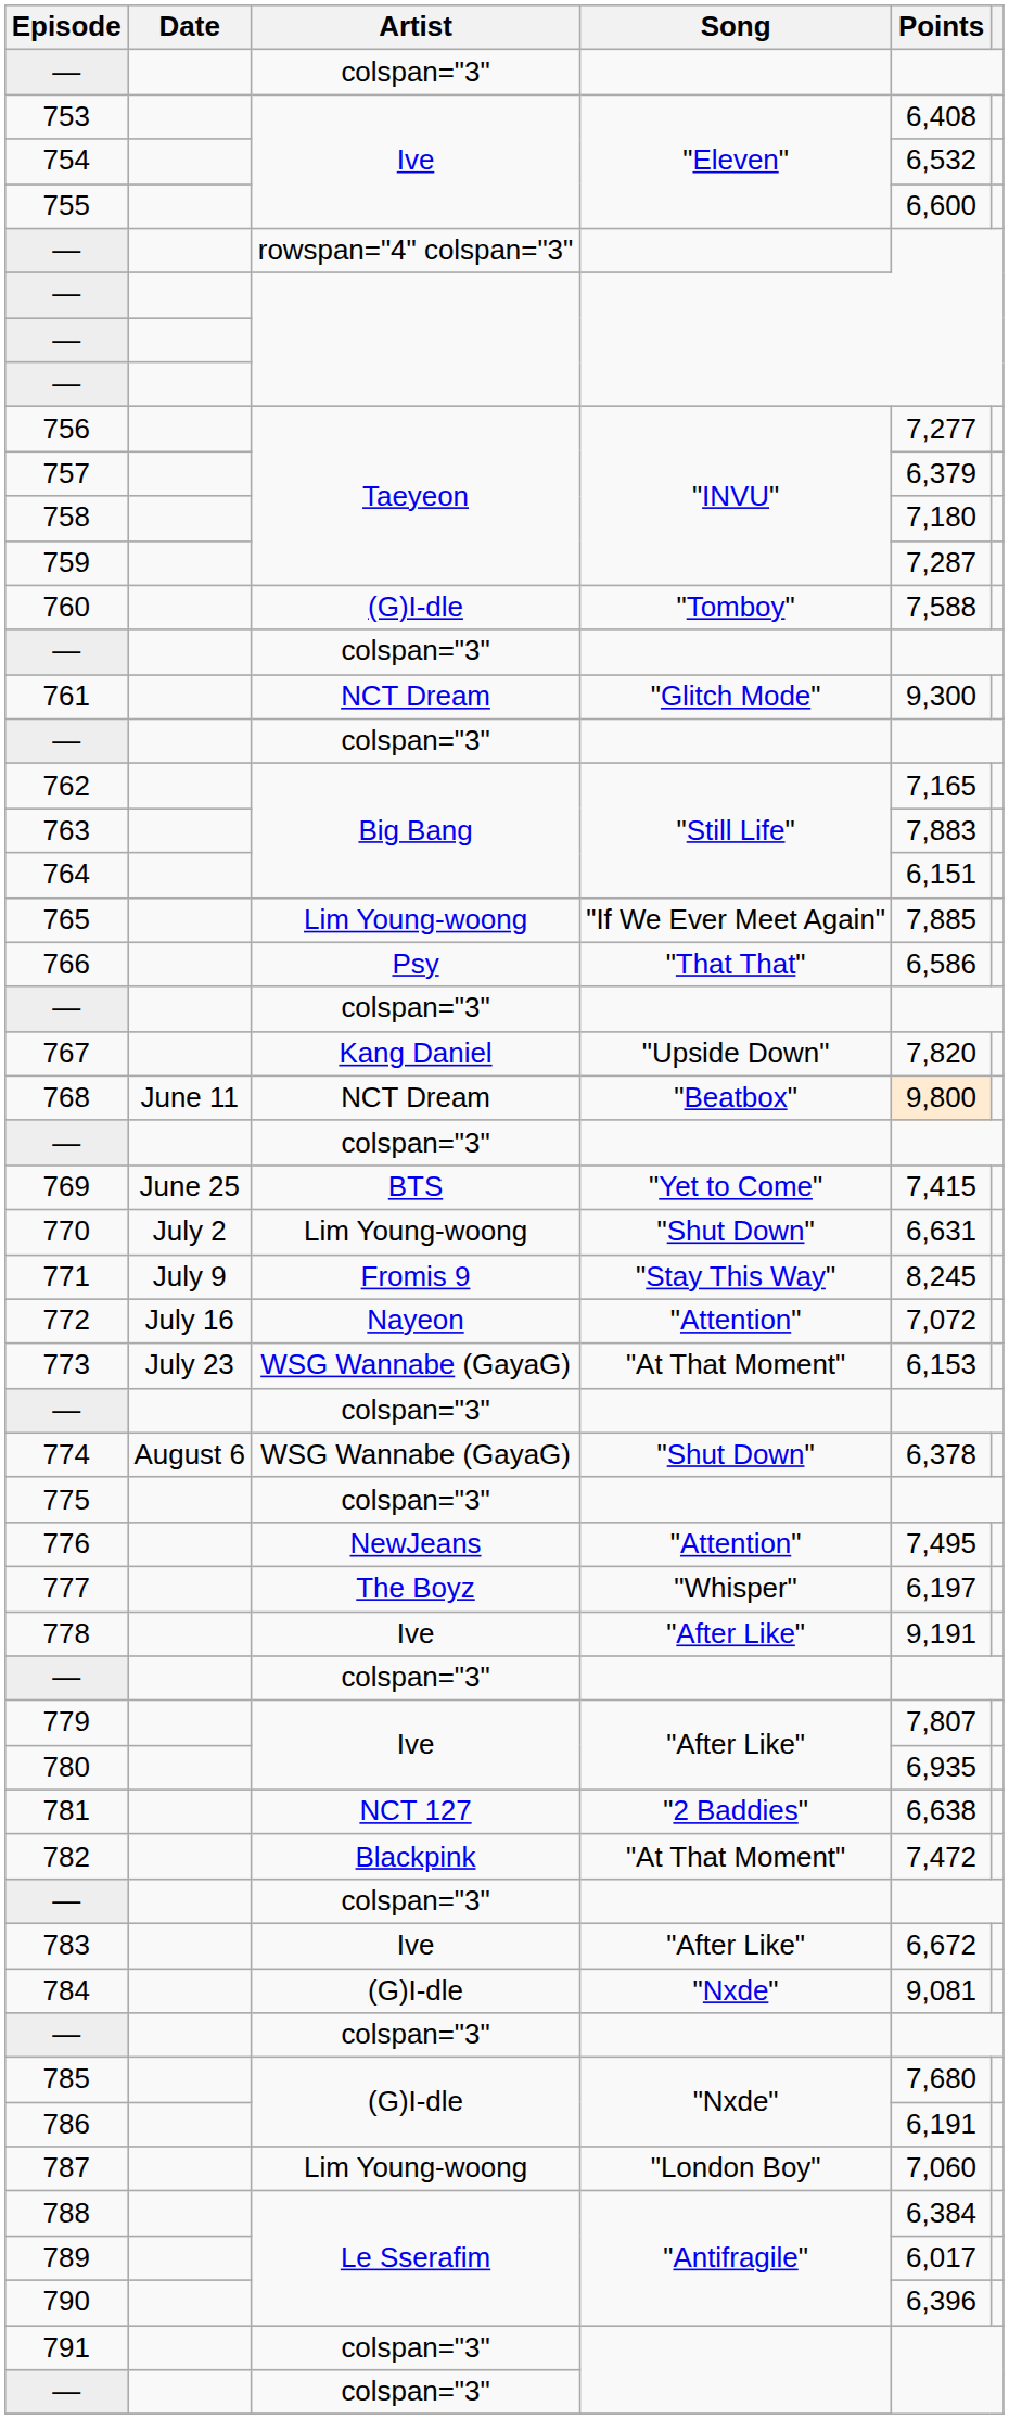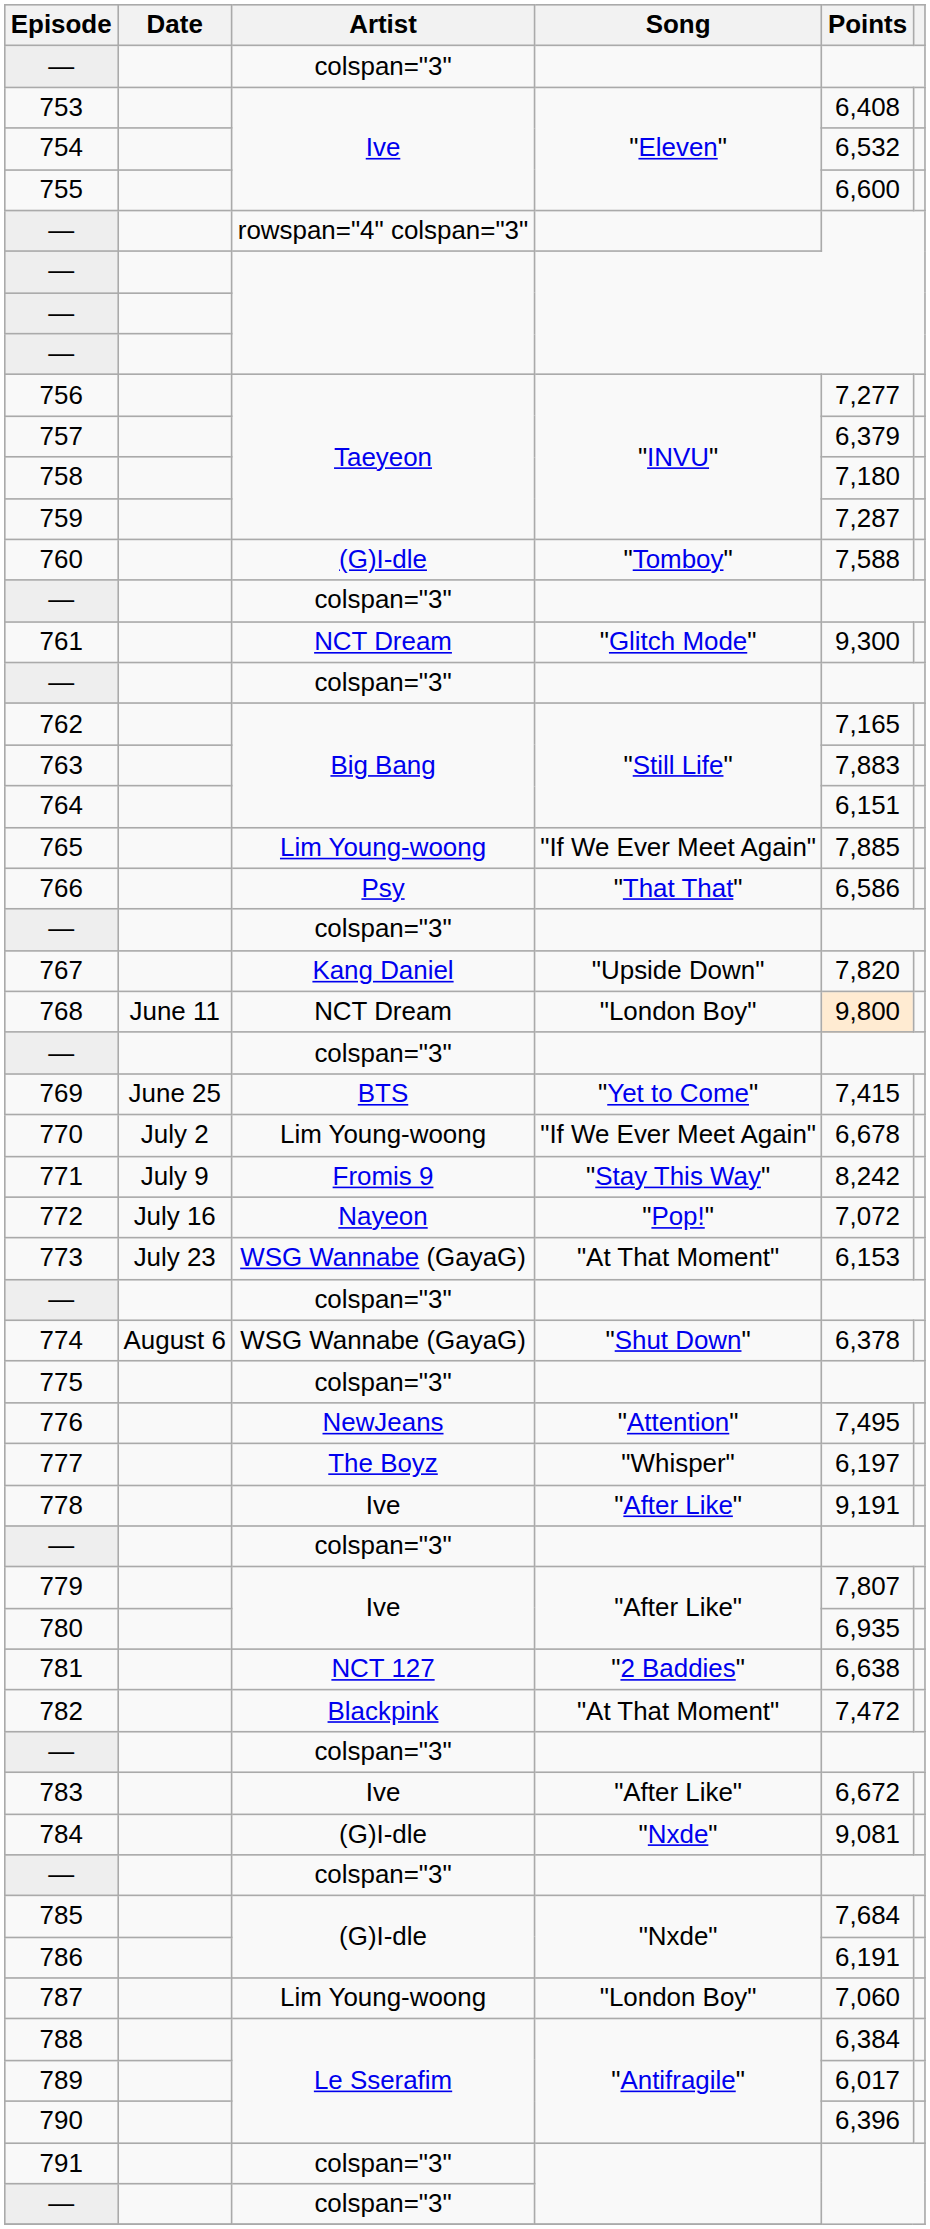 <table class="wikitable sortable" style="text-align:center">
 <tr>
 <th>Episode</th>
 <th>Date</th>
 <th>Artist</th>
 <th>Song</th>
 <th>Points</th>
 <th class="unsortable"></th>
 </tr>
 <tr>
 <td style="background:#eee">—</td>
 <td></td>
 <td>colspan="3" </td>
 <td></td>
 </tr>
 <tr>
 <td>753</td>
 <td></td>
 <td rowspan="3"><a href='#'>Ive</a></td>
 <td rowspan="3">"<a href='#'>Eleven</a>"</td>
 <td>6,408</td>
 <td></td>
 </tr>
 <tr>
 <td>754</td>
 <td></td>
 <td>6,532</td>
 <td></td>
 </tr>
 <tr>
 <td>755</td>
 <td></td>
 <td>6,600</td>
 <td></td>
 </tr>
 <tr>
 <td style="background:#eee">—</td>
 <td></td>
 <td>rowspan="4" colspan="3" </td>
 <td></td>
 </tr>
 <tr>
 <td style="background:#eee">—</td>
 <td></td>
 <td rowspan="3"></td>
 </tr>
 <tr>
 <td style="background:#eee">—</td>
 <td></td>
 </tr>
 <tr>
 <td style="background:#eee">—</td>
 <td></td>
 </tr>
 <tr>
 <td>756</td>
 <td></td>
 <td rowspan="4"><a href='#'>Taeyeon</a></td>
 <td rowspan="4">"<a href='#'>INVU</a>"</td>
 <td>7,277</td>
 <td></td>
 </tr>
 <tr>
 <td>757</td>
 <td></td>
 <td>6,379</td>
 <td></td>
 </tr>
 <tr>
 <td>758</td>
 <td></td>
 <td>7,180</td>
 <td></td>
 </tr>
 <tr>
 <td>759</td>
 <td></td>
 <td>7,287</td>
 <td></td>
 </tr>
 <tr>
 <td>760</td>
 <td></td>
 <td><a href='#'>(G)I-dle</a></td>
 <td>"<a href='#'>Tomboy</a>"</td>
 <td>7,588</td>
 <td></td>
 </tr>
 <tr>
 <td style="background:#eee">—</td>
 <td></td>
 <td>colspan="3" </td>
 <td></td>
 </tr>
 <tr>
 <td>761</td>
 <td></td>
 <td><a href='#'>NCT Dream</a></td>
 <td>"<a href='#'>Glitch Mode</a>"</td>
 <td>9,300</td>
 <td></td>
 </tr>
 <tr>
 <td style="background:#eee">—</td>
 <td></td>
 <td>colspan="3" </td>
 <td></td>
 </tr>
 <tr>
 <td>762</td>
 <td></td>
 <td rowspan="3"><a href='#'>Big Bang</a></td>
 <td rowspan="3">"<a href='#'>Still Life</a>"</td>
 <td>7,165</td>
 <td></td>
 </tr>
 <tr>
 <td>763</td>
 <td></td>
 <td>7,883</td>
 <td></td>
 </tr>
 <tr>
 <td>764</td>
 <td></td>
 <td>6,151</td>
 <td></td>
 </tr>
 <tr>
 <td>765</td>
 <td></td>
 <td><a href='#'>Lim Young-woong</a></td>
 <td>"If We Ever Meet Again"</td>
 <td>7,885</td>
 <td></td>
 </tr>
 <tr>
 <td>766</td>
 <td></td>
 <td><a href='#'>Psy</a></td>
 <td>"<a href='#'>That That</a>"</td>
 <td>6,586</td>
 <td></td>
 </tr>
 <tr>
 <td style="background:#eee">—</td>
 <td></td>
 <td>colspan="3" </td>
 <td></td>
 </tr>
 <tr>
 <td>767</td>
 <td></td>
 <td><a href='#'>Kang Daniel</a></td>
 <td>"Upside Down"</td>
 <td>7,820</td>
 <td></td>
 </tr>
 <tr>
 <td>768</td>
 <td>June 11</td>
 <td>NCT Dream </td>
-<td>"<a href='#'>Beatbox</a>"</td>
+<td>"London Boy"</td>
 <td style="background:#ffebd2">9,800</td>
 <td></td>
 </tr>
 <tr>
 <td style="background:#eee">—</td>
 <td></td>
 <td>colspan="3" </td>
 <td></td>
 </tr>
 <tr>
 <td>769</td>
 <td>June 25</td>
 <td><a href='#'>BTS</a> </td>
 <td>"<a href='#'>Yet to Come</a>"</td>
 <td>7,415</td>
 <td></td>
 </tr>
 <tr>
 <td>770</td>
 <td>July 2</td>
 <td>Lim Young-woong </td>
-<td>"<a href='#'>Shut Down</a>"</td>
-<td>6,631</td>
+<td>"If We Ever Meet Again"</td>
+<td>6,678</td>
 <td></td>
 </tr>
 <tr>
 <td>771</td>
 <td>July 9</td>
 <td><a href='#'>Fromis 9</a> </td>
 <td>"<a href='#'>Stay This Way</a>"</td>
-<td>8,245</td>
+<td>8,242</td>
 <td></td>
 </tr>
 <tr>
 <td>772</td>
 <td>July 16</td>
 <td><a href='#'>Nayeon</a></td>
-<td>"<a href='#'>Attention</a>"</td>
+<td>"<a href='#'>Pop!</a>"</td>
 <td>7,072</td>
 <td></td>
 </tr>
 <tr>
 <td>773</td>
 <td>July 23</td>
 <td><a href='#'>WSG Wannabe</a> (GayaG)</td>
 <td>"At That Moment"</td>
 <td>6,153</td>
 <td></td>
 </tr>
 <tr>
 <td style="background:#eee">—</td>
 <td></td>
 <td>colspan="3" </td>
 <td></td>
 </tr>
 <tr>
 <td>774</td>
 <td>August 6</td>
 <td>WSG Wannabe (GayaG)</td>
 <td>"<a href='#'>Shut Down</a>"</td>
 <td>6,378</td>
 <td></td>
 </tr>
 <tr>
 <td>775</td>
 <td></td>
 <td>colspan="3" </td>
 <td></td>
 </tr>
 <tr>
 <td>776</td>
 <td></td>
 <td><a href='#'>NewJeans</a></td>
 <td>"<a href='#'>Attention</a>"</td>
 <td>7,495</td>
 <td></td>
 </tr>
 <tr>
 <td>777</td>
 <td></td>
 <td><a href='#'>The Boyz</a></td>
 <td>"Whisper"</td>
 <td>6,197</td>
 <td></td>
 </tr>
 <tr>
 <td>778</td>
 <td></td>
 <td>Ive</td>
 <td>"<a href='#'>After Like</a>"</td>
 <td>9,191</td>
 <td></td>
 </tr>
 <tr>
 <td style="background:#eee">—</td>
 <td></td>
 <td>colspan="3" </td>
 <td></td>
 </tr>
 <tr>
 <td>779</td>
 <td></td>
 <td rowspan="2">Ive</td>
 <td rowspan="2">"After Like"</td>
 <td>7,807</td>
 <td></td>
 </tr>
 <tr>
 <td>780</td>
 <td></td>
 <td>6,935</td>
 <td></td>
 </tr>
 <tr>
 <td>781</td>
 <td></td>
 <td><a href='#'>NCT 127</a></td>
 <td>"<a href='#'>2 Baddies</a>"</td>
 <td>6,638</td>
 <td></td>
 </tr>
 <tr>
 <td>782</td>
 <td></td>
 <td><a href='#'>Blackpink</a></td>
 <td>"At That Moment"</td>
 <td>7,472</td>
 <td></td>
 </tr>
 <tr>
 <td style="background:#eee">—</td>
 <td></td>
 <td>colspan="3" </td>
 <td></td>
 </tr>
 <tr>
 <td>783</td>
 <td></td>
 <td>Ive</td>
 <td>"After Like"</td>
 <td>6,672</td>
 <td></td>
 </tr>
 <tr>
 <td>784</td>
 <td></td>
 <td>(G)I-dle</td>
 <td>"<a href='#'>Nxde</a>"</td>
 <td>9,081</td>
 <td></td>
 </tr>
 <tr>
 <td style="background:#eee">—</td>
 <td></td>
 <td>colspan="3" </td>
 <td></td>
 </tr>
 <tr>
 <td>785</td>
 <td></td>
 <td rowspan="2">(G)I-dle</td>
 <td rowspan="2">"Nxde"</td>
-<td>7,680</td>
+<td>7,684</td>
 <td></td>
 </tr>
 <tr>
 <td>786</td>
 <td></td>
 <td>6,191</td>
 <td></td>
 </tr>
 <tr>
 <td>787</td>
 <td></td>
 <td>Lim Young-woong </td>
 <td>"London Boy"</td>
 <td>7,060</td>
 <td></td>
 </tr>
 <tr>
 <td>788</td>
 <td></td>
 <td rowspan="3"><a href='#'>Le Sserafim</a></td>
 <td rowspan="3">"<a href='#'>Antifragile</a>"</td>
 <td>6,384</td>
 <td></td>
 </tr>
 <tr>
 <td>789</td>
 <td></td>
 <td>6,017</td>
 <td></td>
 </tr>
 <tr>
 <td>790</td>
 <td></td>
 <td>6,396</td>
 <td></td>
 </tr>
 <tr>
 <td>791</td>
 <td></td>
 <td>colspan="3" </td>
 <td rowspan="2"></td>
 </tr>
 <tr>
 <td style="background:#eee">—</td>
 <td></td>
 <td>colspan="3" </td>
 </tr>
 <tr>
 </tr>
 </table>
